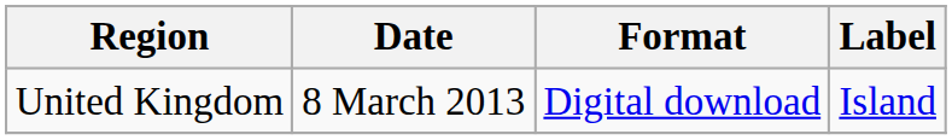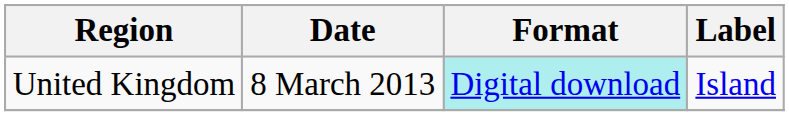 <table class=wikitable>
 <tr>
 <th>Region</th>
 <th>Date</th>
 <th>Format</th>
 <th>Label</th>
 </tr>
 <tr>
 <td>United Kingdom</td>
 <td>8 March 2013</td>
-<td><a href='#'>Digital download</a></td>
+<td style="background: paleturquoise;"><a href='#'>Digital download</a></td>
 <td><a href='#'>Island</a></td>
 </tr>
 <tr>
 </tr>
 </table>
